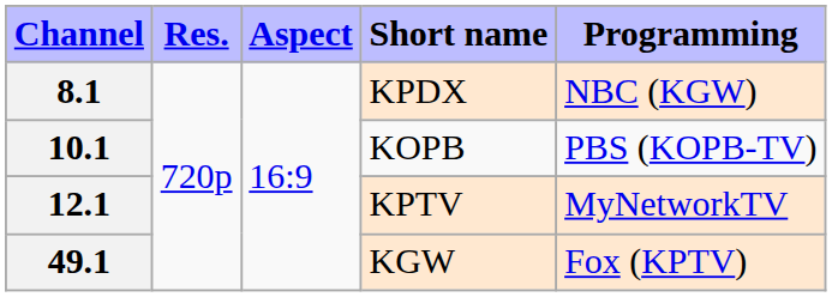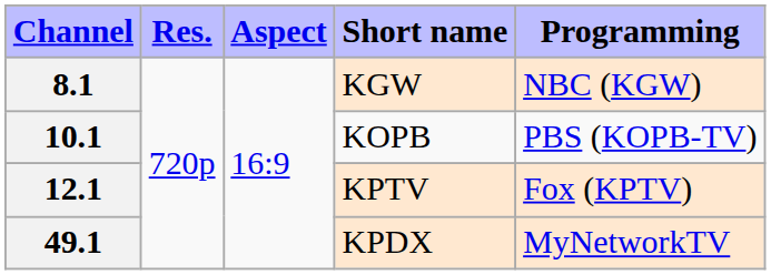 <table class="wikitable">
 <tr>
 <th style="background-color: #bdbdff" scope = "col"><a href='#'>Channel</a></th>
 <th style="background-color: #bdbdff" scope = "col"><a href='#'>Res.</a></th>
 <th style="background-color: #bdbdff" scope = "col"><a href='#'>Aspect</a></th>
 <th style="background-color: #bdbdff" scope = "col">Short name</th>
 <th style="background-color: #bdbdff" scope = "col">Programming</th>
 </tr>
 <tr>
 <th scope = "row">8.1</th>
 <td rowspan="4"><a href='#'>720p</a></td>
 <td rowspan="4"><a href='#'>16:9</a></td>
-<td style="background-color:#ffe8d0">KPDX</td>
+<td style="background-color:#ffe8d0">KGW</td>
 <td style="background-color:#ffe8d0"><a href='#'>NBC</a> (<a href='#'>KGW</a>) </td>
 </tr>
 <tr>
 <th scope = "row">10.1</th>
 <td>KOPB</td>
 <td><a href='#'>PBS</a> (<a href='#'>KOPB-TV</a>)</td>
 </tr>
 <tr>
 <th scope = "row">12.1</th>
 <td style="background-color:#ffe8d0">KPTV</td>
-<td style="background-color:#ffe8d0"><a href='#'>MyNetworkTV</a> </td>
+<td style="background-color:#ffe8d0"><a href='#'>Fox</a> (<a href='#'>KPTV</a>) </td>
 </tr>
 <tr>
 <th scope = "row">49.1</th>
-<td style="background-color:#ffe8d0">KGW</td>
-<td style="background-color:#ffe8d0"><a href='#'>Fox</a> (<a href='#'>KPTV</a>) </td>
+<td style="background-color:#ffe8d0">KPDX</td>
+<td style="background-color:#ffe8d0"><a href='#'>MyNetworkTV</a> </td>
 </tr>
 </table>
